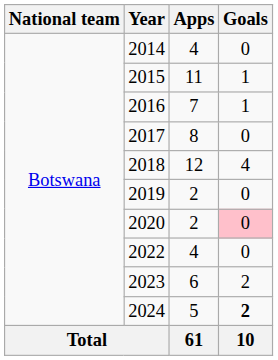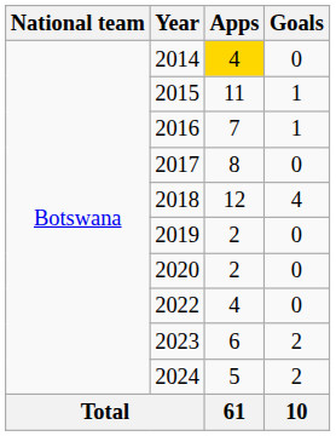 <table class="wikitable" style="text-align:center">
 <tr>
 <th>National team</th>
 <th>Year</th>
 <th>Apps</th>
 <th>Goals</th>
 </tr>
 <tr>
 <td rowspan="10"><a href='#'>Botswana</a></td>
 <td>2014</td>
-<td>4</td>
+<td style="background: gold;">4</td>
 <td>0</td>
 </tr>
 <tr>
 <td>2015</td>
 <td>11</td>
 <td>1</td>
 </tr>
 <tr>
 <td>2016</td>
 <td>7</td>
 <td>1</td>
 </tr>
 <tr>
 <td>2017</td>
 <td>8</td>
 <td>0</td>
 </tr>
 <tr>
 <td>2018</td>
 <td>12</td>
 <td>4</td>
 </tr>
 <tr>
 <td>2019</td>
 <td>2</td>
 <td>0</td>
 </tr>
 <tr>
 <td>2020</td>
 <td>2</td>
-<td style="background: pink;">0</td>
+<td>0</td>
 </tr>
 <tr>
 <td>2022</td>
 <td>4</td>
 <td>0</td>
 </tr>
 <tr>
 <td>2023</td>
 <td>6</td>
 <td>2</td>
 </tr>
 <tr>
 <td>2024</td>
 <td>5</td>
-<td><strong>2</strong></td>
+<td>2</td>
 </tr>
 <tr>
 <th colspan=2>Total</th>
 <th>61</th>
 <th>10</th>
 </tr>
 </table>
